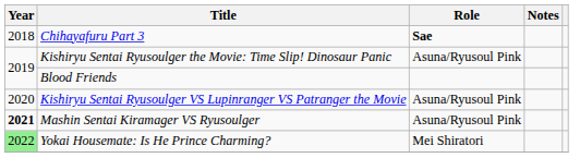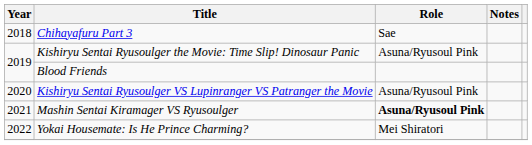 <table class="wikitable">
 <tr>
 <th>Year</th>
 <th>Title</th>
 <th>Role</th>
 <th>Notes</th>
 <th></th>
 </tr>
 <tr>
 <td>2018</td>
 <td><em><a href='#'>Chihayafuru Part 3</a></em></td>
-<td><strong>Sae</strong></td>
+<td>Sae</td>
 <td></td>
 <td></td>
 </tr>
 <tr>
 <td rowspan="2">2019</td>
 <td><em>Kishiryu Sentai Ryusoulger the Movie: Time Slip! Dinosaur Panic</em></td>
 <td>Asuna/Ryusoul Pink</td>
 <td></td>
 <td></td>
 </tr>
 <tr>
 <td><em>Blood Friends</em></td>
 <td></td>
 <td></td>
 <td></td>
 </tr>
 <tr>
 <td>2020</td>
 <td><em><a href='#'>Kishiryu Sentai Ryusoulger VS Lupinranger VS Patranger the Movie</a></em></td>
 <td>Asuna/Ryusoul Pink</td>
 <td></td>
 <td></td>
 </tr>
 <tr>
-<td><strong>2021</strong></td>
+<td>2021</td>
 <td><em>Mashin Sentai Kiramager VS Ryusoulger</em></td>
-<td>Asuna/Ryusoul Pink</td>
+<td><strong>Asuna/Ryusoul Pink</strong></td>
 <td></td>
 <td></td>
 </tr>
 <tr>
-<td rowspan="1" style="background: lightgreen;">2022</td>
+<td rowspan="1">2022</td>
 <td><em>Yokai Housemate: Is He Prince Charming?</em></td>
 <td>Mei Shiratori</td>
 <td></td>
 <td></td>
 </tr>
 <tr>
 </tr>
 </table>
